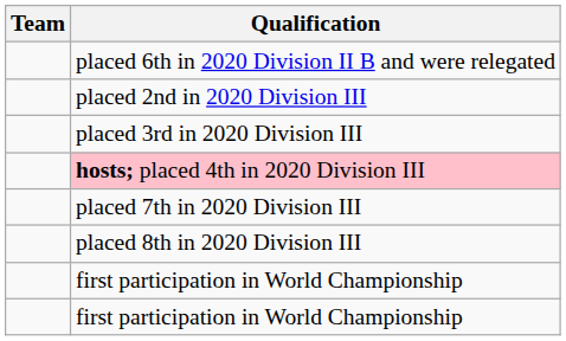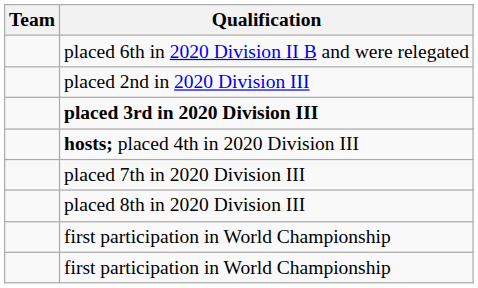 <table class="wikitable">
 <tr>
 <th>Team</th>
 <th>Qualification</th>
 </tr>
 <tr>
 <td></td>
 <td>placed 6th in <a href='#'>2020 Division II B</a> and were relegated</td>
 </tr>
 <tr>
 <td></td>
 <td>placed 2nd in <a href='#'>2020 Division III</a></td>
 </tr>
 <tr>
 <td></td>
-<td>placed 3rd in 2020 Division III</td>
+<td><strong>placed 3rd in 2020 Division III</strong></td>
 </tr>
 <tr>
 <td></td>
-<td style="background: pink;"><strong>hosts;</strong> placed 4th in 2020 Division III</td>
+<td><strong>hosts;</strong> placed 4th in 2020 Division III</td>
 </tr>
 <tr>
 <td></td>
 <td>placed 7th in 2020 Division III</td>
 </tr>
 <tr>
 <td></td>
 <td>placed 8th in 2020 Division III</td>
 </tr>
 <tr>
 <td></td>
 <td>first participation in World Championship</td>
 </tr>
 <tr>
 <td></td>
 <td>first participation in World Championship</td>
 </tr>
 </table>
